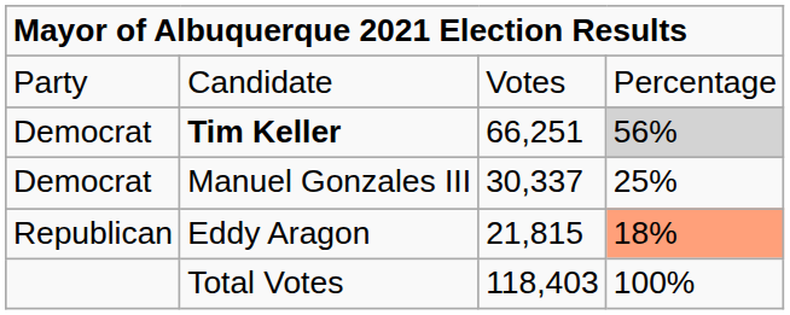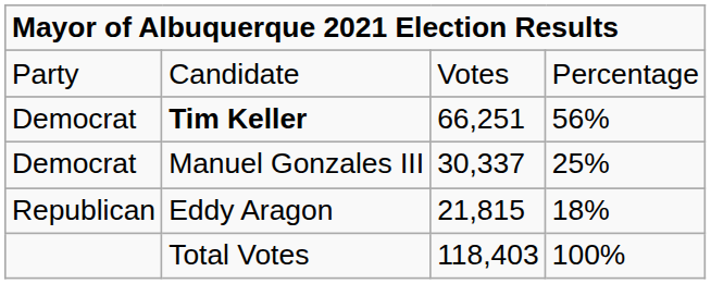 <table class="wikitable">
 <tr>
 <td colspan="4"><strong>Mayor of Albuquerque 2021 Election Results</strong></td>
 </tr>
 <tr>
 <td>Party</td>
 <td>Candidate</td>
 <td>Votes</td>
 <td>Percentage</td>
 </tr>
 <tr>
 <td>Democrat</td>
 <td><strong>Tim Keller</strong></td>
 <td>66,251</td>
-<td style="background: lightgrey;">56%</td>
+<td>56%</td>
 </tr>
 <tr>
 <td>Democrat</td>
 <td>Manuel Gonzales III</td>
 <td>30,337</td>
 <td>25%</td>
 </tr>
 <tr>
 <td>Republican</td>
 <td>Eddy Aragon</td>
 <td>21,815</td>
-<td style="background: lightsalmon;">18%</td>
+<td>18%</td>
 </tr>
 <tr>
 <td></td>
 <td>Total Votes</td>
 <td>118,403</td>
 <td>100%</td>
 </tr>
 </table>
